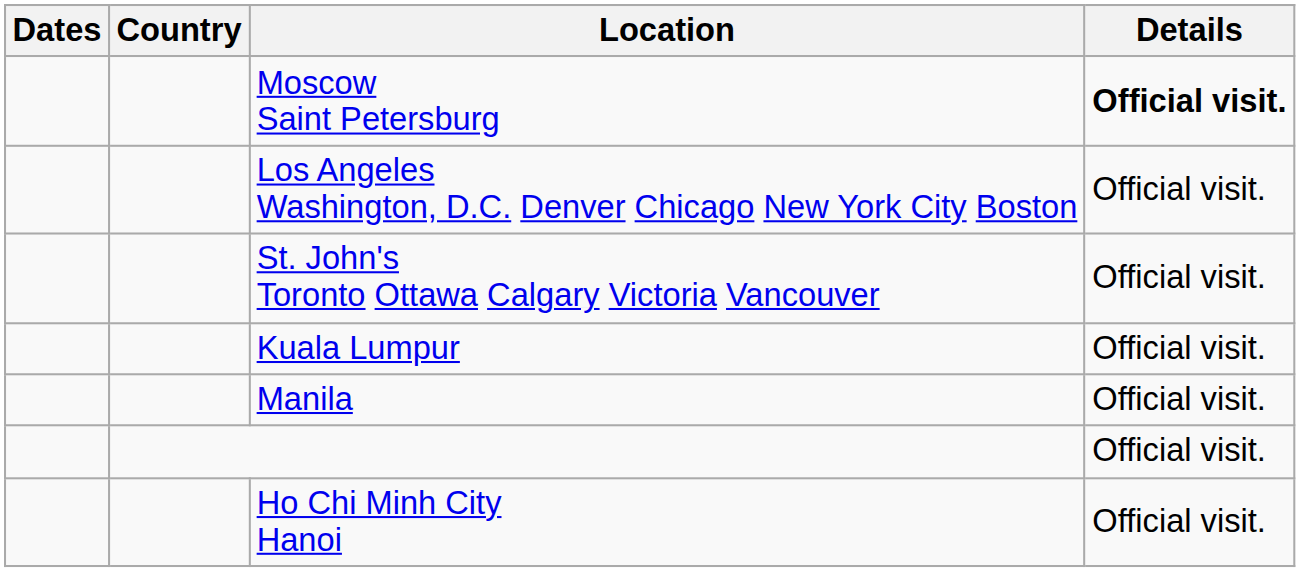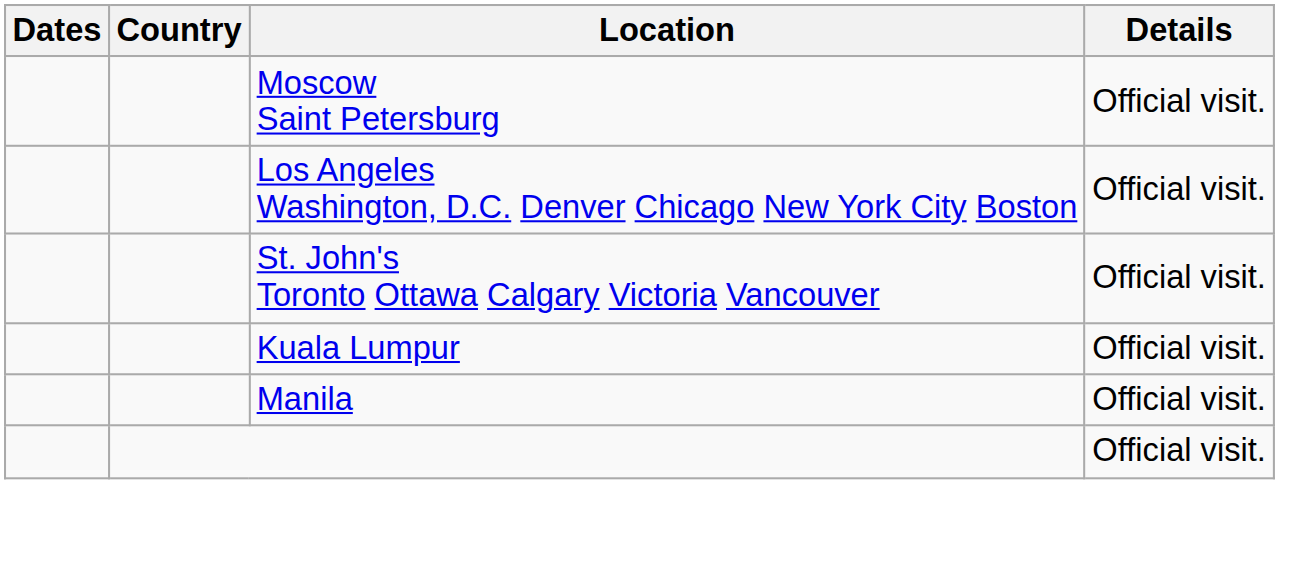 <table class="wikitable sortable mw-collapsible" border="1">
 <tr>
 <th scope=col>Dates</th>
 <th scope=col>Country</th>
 <th scope=col>Location</th>
 <th scope=col>Details</th>
 </tr>
 <tr>
 <td></td>
 <td></td>
 <td><a href='#'>Moscow</a><br><a href='#'>Saint Petersburg</a></td>
-<td><strong>Official visit.</strong></td>
+<td>Official visit.</td>
 </tr>
 <tr>
 <td></td>
 <td></td>
 <td><a href='#'>Los Angeles</a><br><a href='#'>Washington, D.C.</a> <a href='#'>Denver</a> <a href='#'>Chicago</a> <a href='#'>New York City</a> <a href='#'>Boston</a></td>
 <td>Official visit.</td>
 </tr>
 <tr>
 <td></td>
 <td></td>
 <td><a href='#'>St. John's</a><br><a href='#'>Toronto</a> <a href='#'>Ottawa</a> <a href='#'>Calgary</a> <a href='#'>Victoria</a> <a href='#'>Vancouver</a></td>
 <td>Official visit.</td>
 </tr>
 <tr>
 <td></td>
 <td></td>
 <td><a href='#'>Kuala Lumpur</a></td>
 <td>Official visit.</td>
 </tr>
 <tr>
 <td></td>
 <td></td>
 <td><a href='#'>Manila</a></td>
 <td>Official visit.</td>
 </tr>
 <tr>
 <td></td>
 <td colspan="2"></td>
 <td>Official visit.</td>
 </tr>
-<tr>
-<td></td>
-<td></td>
-<td><a href='#'>Ho Chi Minh City</a><br><a href='#'>Hanoi</a></td>
-<td>Official visit.</td>
-</tr>
 </table>
